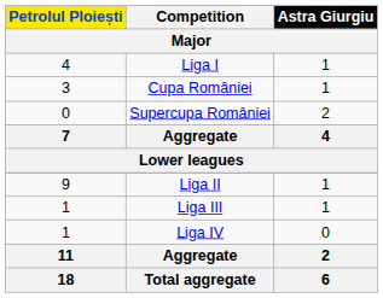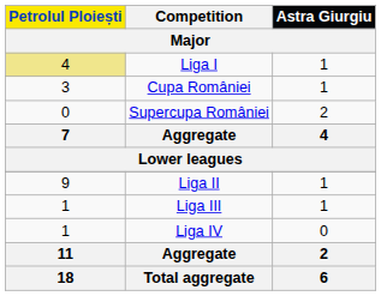 <table class="wikitable sortable"  style="text-align: center">
 <tr>
 <th style="color:#093fbc; background:#fae800">Petrolul Ploiești</th>
 <th>Competition</th>
 <th style="color:#fcfcfc; background:#040608">Astra Giurgiu</th>
 </tr>
 <tr style="text-align:center;">
 <th colspan="4"><strong>Major</strong></th>
 </tr>
 <tr style="text-align:center;">
-<td>4</td>
+<td style="background: khaki;">4</td>
 <td><a href='#'>Liga I</a></td>
 <td>1</td>
 </tr>
 <tr style="text-align:center;">
 <td>3</td>
 <td><a href='#'>Cupa României</a></td>
 <td>1</td>
 </tr>
 <tr style="text-align:center;">
 <td>0</td>
 <td><a href='#'>Supercupa României</a></td>
 <td>2</td>
 </tr>
 <tr align="center">
 <th><strong>7</strong></th>
 <th><strong>Aggregate</strong></th>
 <th><strong>4</strong></th>
 </tr>
 <tr style="text-align:center;">
 <th colspan="4"><strong>Lower leagues</strong></th>
 </tr>
 <tr style="text-align:center;">
 </tr>
 <tr style="text-align:center;">
 <td>9</td>
 <td><a href='#'>Liga II</a></td>
 <td>1</td>
 </tr>
 <tr style="text-align:center;">
 <td>1</td>
 <td><a href='#'>Liga III</a></td>
 <td>1</td>
 </tr>
 <tr style="text-align:center;">
 <td>1</td>
 <td><a href='#'>Liga IV</a></td>
 <td>0</td>
 </tr>
 <tr align="center">
 <th><strong>11</strong></th>
 <th><strong>Aggregate</strong></th>
 <th><strong>2</strong></th>
 </tr>
 <tr align="center">
 <th><strong>18</strong></th>
 <th><strong>Total aggregate</strong></th>
 <th><strong>6</strong></th>
 </tr>
 </table>
